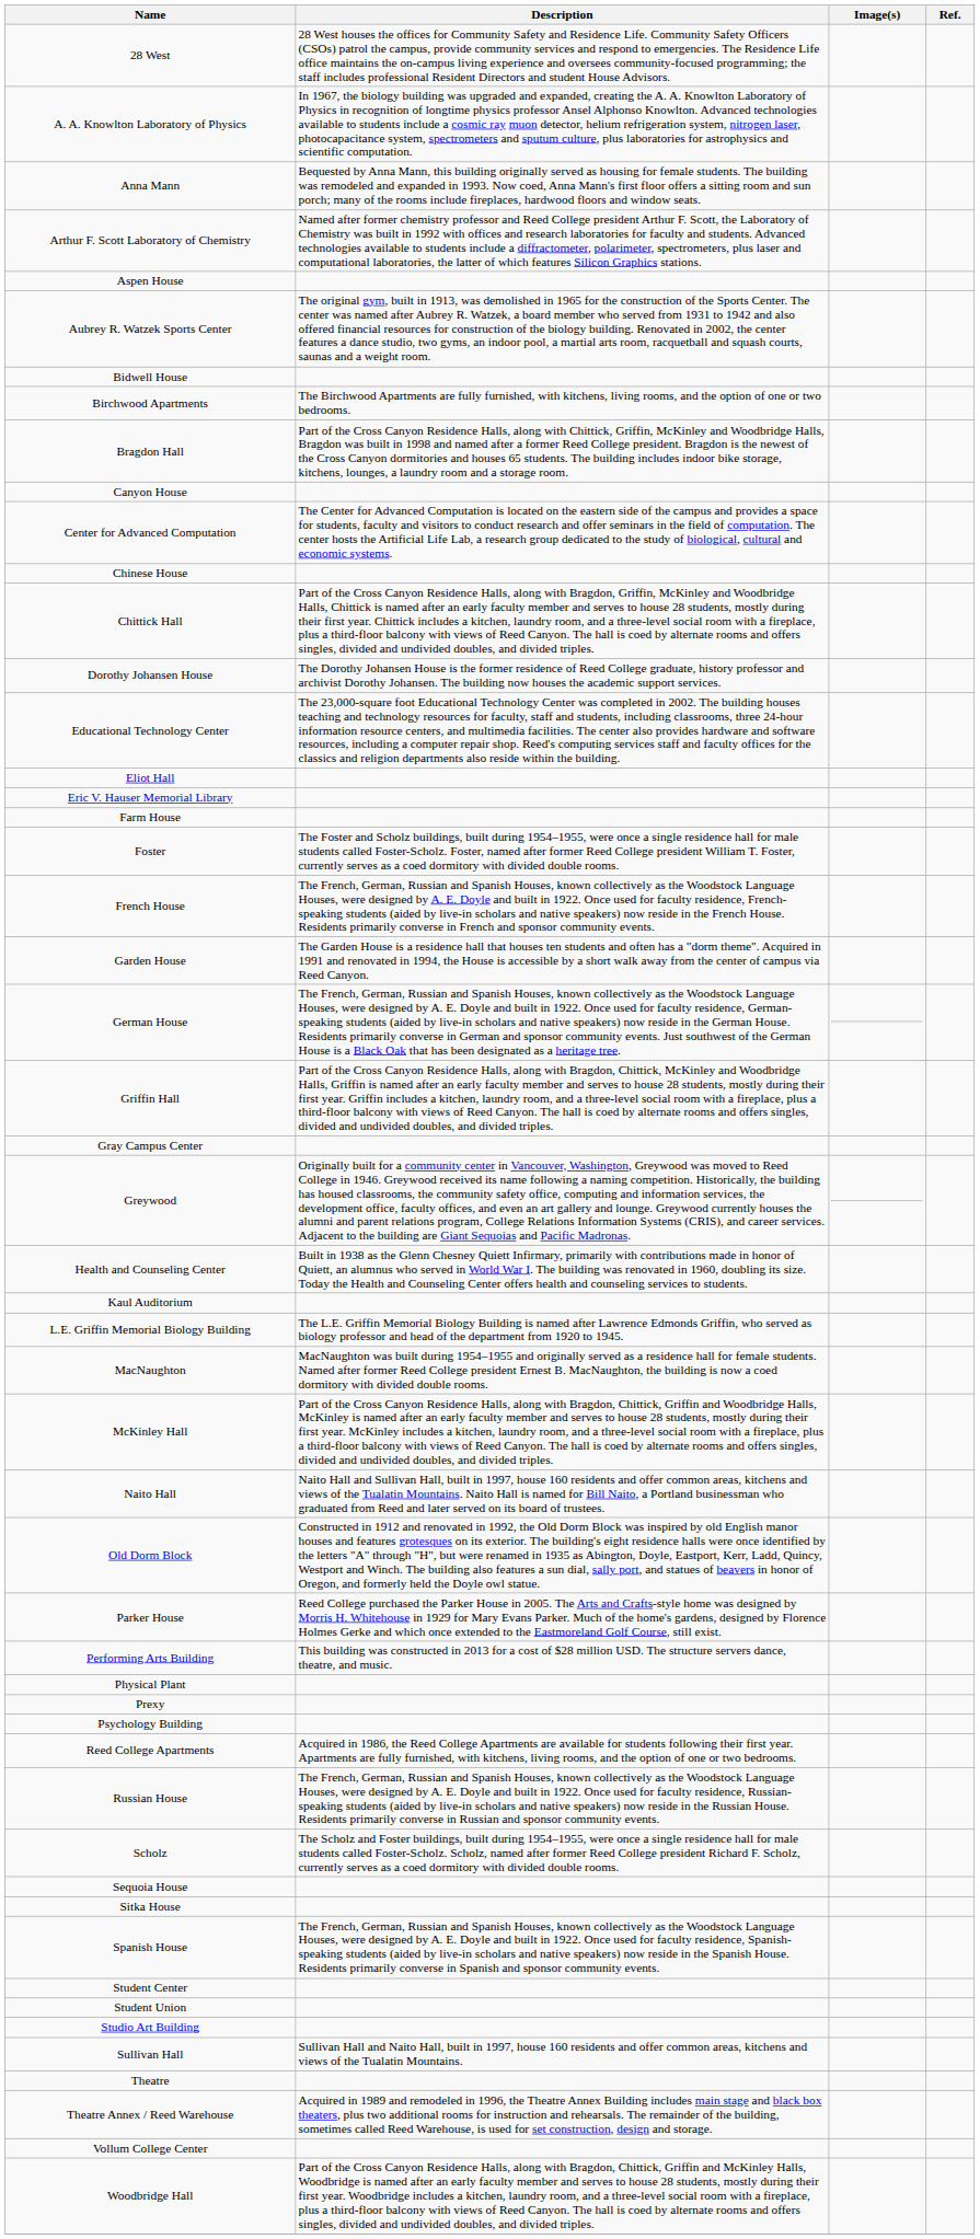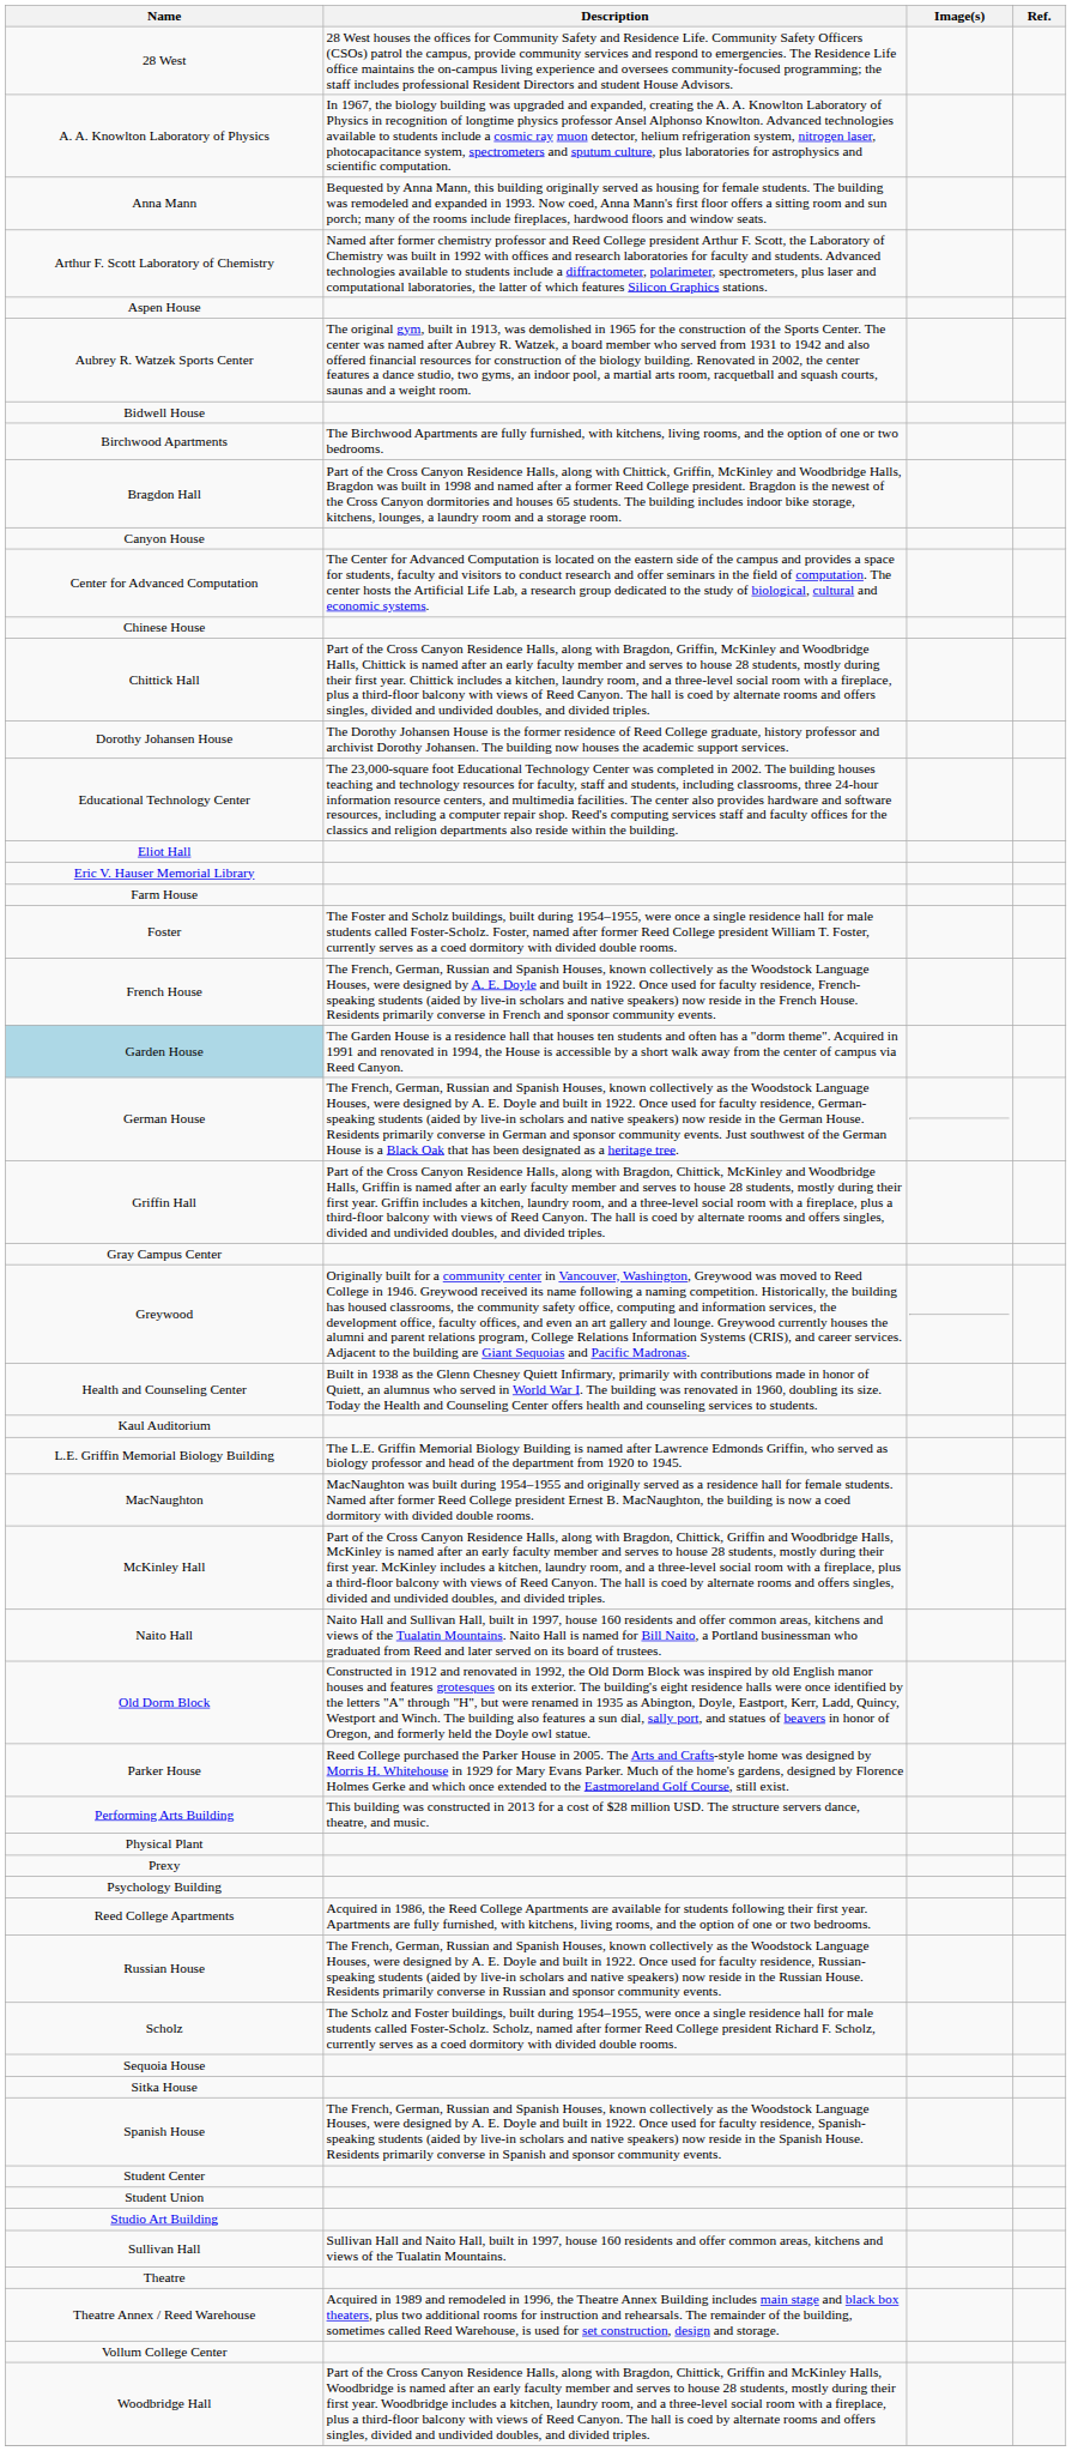 <table class="wikitable sortable">
 <tr>
 <th width=30%>Name</th>
 <th width=55% class=unsortable>Description</th>
 <th width=10% class=unsortable>Image(s)</th>
 <th width=5%  class=unsortable>Ref.</th>
 </tr>
 <tr>
 <td align="center">28 West</td>
 <td>28 West houses the offices for Community Safety and Residence Life. Community Safety Officers (CSOs) patrol the campus, provide community services and respond to emergencies. The Residence Life office maintains the on-campus living experience and oversees community-focused programming; the staff includes professional Resident Directors and student House Advisors.</td>
 <td></td>
 <td align="center"></td>
 </tr>
 <tr>
 <td align="center">A. A. Knowlton Laboratory of Physics</td>
 <td>In 1967, the biology building was upgraded and expanded, creating the A. A. Knowlton Laboratory of Physics in recognition of longtime physics professor Ansel Alphonso Knowlton. Advanced technologies available to students include a <a href='#'>cosmic ray</a> <a href='#'>muon</a> detector, helium refrigeration system, <a href='#'>nitrogen laser</a>, photocapacitance system, <a href='#'>spectrometers</a> and <a href='#'>sputum culture</a>, plus laboratories for astrophysics and scientific computation.</td>
 <td></td>
 <td align="center"></td>
 </tr>
 <tr>
 <td align="center">Anna Mann</td>
 <td>Bequested by Anna Mann, this building originally served as housing for female students. The building was remodeled and expanded in 1993. Now coed, Anna Mann's first floor offers a sitting room and sun porch; many of the rooms include fireplaces, hardwood floors and window seats.</td>
 <td></td>
 <td align="center"></td>
 </tr>
 <tr>
 <td align="center">Arthur F. Scott Laboratory of Chemistry</td>
 <td>Named after former chemistry professor and Reed College president Arthur F. Scott, the Laboratory of Chemistry was built in 1992 with offices and research laboratories for faculty and students. Advanced technologies available to students include a <a href='#'>diffractometer</a>, <a href='#'>polarimeter</a>, spectrometers, plus laser and computational laboratories, the latter of which features <a href='#'>Silicon Graphics</a> stations.</td>
 <td></td>
 <td align="center"></td>
 </tr>
 <tr>
 <td align="center">Aspen House</td>
 <td></td>
 <td></td>
 <td align="center"></td>
 </tr>
 <tr>
 <td align="center">Aubrey R. Watzek Sports Center</td>
 <td>The original <a href='#'>gym</a>, built in 1913, was demolished in 1965 for the construction of the Sports Center. The center was named after Aubrey R. Watzek, a board member who served from 1931 to 1942 and also offered financial resources for construction of the biology building. Renovated in 2002, the center features a dance studio, two gyms, an indoor pool, a martial arts room, racquetball and squash courts, saunas and a weight room.</td>
 <td></td>
 <td align="center"></td>
 </tr>
 <tr>
 <td align="center">Bidwell House</td>
 <td></td>
 <td></td>
 <td align="center"></td>
 </tr>
 <tr>
 <td align="center">Birchwood Apartments</td>
 <td>The Birchwood Apartments are fully furnished, with kitchens, living rooms, and the option of one or two bedrooms.</td>
 <td></td>
 <td align="center"></td>
 </tr>
 <tr>
 <td align="center">Bragdon Hall</td>
 <td>Part of the Cross Canyon Residence Halls, along with Chittick, Griffin, McKinley and Woodbridge Halls, Bragdon was built in 1998 and named after a former Reed College president. Bragdon is the newest of the Cross Canyon dormitories and houses 65 students. The building includes indoor bike storage, kitchens, lounges, a laundry room and a storage room.</td>
 <td></td>
 <td align="center"></td>
 </tr>
 <tr>
 <td align="center">Canyon House</td>
 <td></td>
 <td></td>
 <td align="center"></td>
 </tr>
 <tr>
 <td align="center">Center for Advanced Computation</td>
 <td>The Center for Advanced Computation is located on the eastern side of the campus and provides a space for students, faculty and visitors to conduct research and offer seminars in the field of <a href='#'>computation</a>. The center hosts the Artificial Life Lab, a research group dedicated to the study of <a href='#'>biological</a>, <a href='#'>cultural</a> and <a href='#'>economic systems</a>.</td>
 <td></td>
 <td align="center"></td>
 </tr>
 <tr>
 <td align="center">Chinese House</td>
 <td></td>
 <td></td>
 <td align="center"></td>
 </tr>
 <tr>
 <td align="center">Chittick Hall</td>
 <td>Part of the Cross Canyon Residence Halls, along with Bragdon, Griffin, McKinley and Woodbridge Halls, Chittick is named after an early faculty member and serves to house 28 students, mostly during their first year. Chittick includes a kitchen, laundry room, and a three-level social room with a fireplace, plus a third-floor balcony with views of Reed Canyon. The hall is coed by alternate rooms and offers singles, divided and undivided doubles, and divided triples.</td>
 <td></td>
 <td align="center"></td>
 </tr>
 <tr>
 <td align="center">Dorothy Johansen House</td>
 <td>The Dorothy Johansen House is the former residence of Reed College graduate, history professor and archivist Dorothy Johansen. The building now houses the academic support services.</td>
 <td></td>
 <td align="center"></td>
 </tr>
 <tr>
 <td align="center">Educational Technology Center</td>
 <td>The 23,000-square foot Educational Technology Center was completed in 2002. The building houses teaching and technology resources for faculty, staff and students, including classrooms, three 24-hour information resource centers, and multimedia facilities. The center also provides hardware and software resources, including a computer repair shop. Reed's computing services staff and faculty offices for the classics and religion departments also reside within the building.</td>
 <td></td>
 <td align="center"></td>
 </tr>
 <tr>
 <td align="center"><a href='#'>Eliot Hall</a></td>
 <td></td>
 <td></td>
 <td align="center"></td>
 </tr>
 <tr>
 <td align="center"><a href='#'>Eric V. Hauser Memorial Library</a></td>
 <td></td>
 <td></td>
 <td align="center"></td>
 </tr>
 <tr>
 <td align="center">Farm House</td>
 <td></td>
 <td></td>
 <td align="center"></td>
 </tr>
 <tr>
 <td align="center">Foster</td>
 <td>The Foster and Scholz buildings, built during 1954–1955, were once a single residence hall for male students called Foster-Scholz. Foster, named after former Reed College president William T. Foster, currently serves as a coed dormitory with divided double rooms.</td>
 <td></td>
 <td align="center"></td>
 </tr>
 <tr>
 <td align="center">French House</td>
 <td>The French, German, Russian and Spanish Houses, known collectively as the Woodstock Language Houses, were designed by <a href='#'>A. E. Doyle</a> and built in 1922. Once used for faculty residence, French-speaking students (aided by live-in scholars and native speakers) now reside in the French House. Residents primarily converse in French and sponsor community events.</td>
 <td></td>
 <td align="center"></td>
 </tr>
 <tr>
-<td align="center">Garden House</td>
+<td align="center" style="background: lightblue;">Garden House</td>
 <td>The Garden House is a residence hall that houses ten students and often has a "dorm theme". Acquired in 1991 and renovated in 1994, the House is accessible by a short walk away from the center of campus via Reed Canyon.</td>
 <td></td>
 <td align="center"></td>
 </tr>
 <tr>
 <td align="center">German House</td>
 <td>The French, German, Russian and Spanish Houses, known collectively as the Woodstock Language Houses, were designed by A. E. Doyle and built in 1922. Once used for faculty residence, German-speaking students (aided by live-in scholars and native speakers) now reside in the German House. Residents primarily converse in German and sponsor community events. Just southwest of the German House is a <a href='#'>Black Oak</a> that has been designated as a <a href='#'>heritage tree</a>.</td>
 <td><hr></td>
 <td align="center"></td>
 </tr>
 <tr>
 <td align="center">Griffin Hall</td>
 <td>Part of the Cross Canyon Residence Halls, along with Bragdon, Chittick, McKinley and Woodbridge Halls, Griffin is named after an early faculty member and serves to house 28 students, mostly during their first year. Griffin includes a kitchen, laundry room, and a three-level social room with a fireplace, plus a third-floor balcony with views of Reed Canyon. The hall is coed by alternate rooms and offers singles, divided and undivided doubles, and divided triples.</td>
 <td></td>
 <td align="center"></td>
 </tr>
 <tr>
 <td align="center">Gray Campus Center</td>
 <td></td>
 <td></td>
 <td align="center"></td>
 </tr>
 <tr>
 <td align="center">Greywood</td>
 <td>Originally built for a <a href='#'>community center</a> in <a href='#'>Vancouver, Washington</a>, Greywood was moved to Reed College in 1946. Greywood received its name following a naming competition. Historically, the building has housed classrooms, the community safety office, computing and information services, the development office, faculty offices, and even an art gallery and lounge. Greywood currently houses the alumni and parent relations program, College Relations Information Systems (CRIS), and career services. Adjacent to the building are <a href='#'>Giant Sequoias</a> and <a href='#'>Pacific Madronas</a>.</td>
 <td><hr></td>
 <td align="center"></td>
 </tr>
 <tr>
 <td align="center">Health and Counseling Center</td>
 <td>Built in 1938 as the Glenn Chesney Quiett Infirmary, primarily with contributions made in honor of Quiett, an alumnus who served in <a href='#'>World War I</a>. The building was renovated in 1960, doubling its size. Today the Health and Counseling Center offers health and counseling services to students.</td>
 <td></td>
 <td align="center"></td>
 </tr>
 <tr>
 <td align="center">Kaul Auditorium</td>
 <td></td>
 <td></td>
 <td align="center"></td>
 </tr>
 <tr>
 <td align="center">L.E. Griffin Memorial Biology Building</td>
 <td>The L.E. Griffin Memorial Biology Building is named after Lawrence Edmonds Griffin, who served as biology professor and head of the department from 1920 to 1945.</td>
 <td></td>
 <td align="center"></td>
 </tr>
 <tr>
 <td align="center">MacNaughton</td>
 <td>MacNaughton was built during 1954–1955 and originally served as a residence hall for female students. Named after former Reed College president Ernest B. MacNaughton, the building is now a coed dormitory with divided double rooms.</td>
 <td></td>
 <td align="center"></td>
 </tr>
 <tr>
 <td align="center">McKinley Hall</td>
 <td>Part of the Cross Canyon Residence Halls, along with Bragdon, Chittick, Griffin and Woodbridge Halls, McKinley is named after an early faculty member and serves to house 28 students, mostly during their first year. McKinley includes a kitchen, laundry room, and a three-level social room with a fireplace, plus a third-floor balcony with views of Reed Canyon. The hall is coed by alternate rooms and offers singles, divided and undivided doubles, and divided triples.</td>
 <td></td>
 <td align="center"></td>
 </tr>
 <tr>
 <td align="center">Naito Hall</td>
 <td>Naito Hall and Sullivan Hall, built in 1997, house 160 residents and offer common areas, kitchens and views of the <a href='#'>Tualatin Mountains</a>.  Naito Hall is named for <a href='#'>Bill Naito</a>, a Portland businessman who graduated from Reed and later served on its board of trustees.</td>
 <td></td>
 <td align="center"><br></td>
 </tr>
 <tr>
 <td align="center"><a href='#'>Old Dorm Block</a></td>
 <td>Constructed in 1912 and renovated in 1992, the Old Dorm Block was inspired by old English manor houses and features <a href='#'>grotesques</a> on its exterior. The building's eight residence halls were once identified by the letters "A" through "H", but were renamed in 1935 as Abington, Doyle, Eastport, Kerr, Ladd, Quincy, Westport and Winch. The building also features a sun dial, <a href='#'>sally port</a>, and statues of <a href='#'>beavers</a> in honor of Oregon, and formerly held the Doyle owl statue.</td>
 <td></td>
 <td align="center"></td>
 </tr>
 <tr>
 <td align="center">Parker House</td>
 <td>Reed College purchased the Parker House in 2005. The <a href='#'>Arts and Crafts</a>-style home was designed by <a href='#'>Morris H. Whitehouse</a> in 1929 for Mary Evans Parker. Much of the home's gardens, designed by Florence Holmes Gerke and which once extended to the <a href='#'>Eastmoreland Golf Course</a>, still exist.</td>
 <td></td>
 <td align="center"></td>
 </tr>
 <tr>
 <td align="center"><a href='#'>Performing Arts Building</a></td>
 <td>This building was constructed in 2013 for a cost of $28 million USD. The structure servers dance, theatre, and music.</td>
 <td></td>
 <td align="center"></td>
 </tr>
 <tr>
 <td align="center">Physical Plant</td>
 <td></td>
 <td></td>
 <td align="center"></td>
 </tr>
 <tr>
 <td align="center">Prexy</td>
 <td></td>
 <td></td>
 <td align="center"></td>
 </tr>
 <tr>
 <td align="center">Psychology Building</td>
 <td></td>
 <td></td>
 <td align="center"></td>
 </tr>
 <tr>
 <td align="center">Reed College Apartments</td>
 <td>Acquired in 1986, the Reed College Apartments are available for students following their first year. Apartments are fully furnished, with kitchens, living rooms, and the option of one or two bedrooms.</td>
 <td></td>
 <td align="center"></td>
 </tr>
 <tr>
 <td align="center">Russian House</td>
 <td>The French, German, Russian and Spanish Houses, known collectively as the Woodstock Language Houses, were designed by A. E. Doyle and built in 1922. Once used for faculty residence, Russian-speaking students (aided by live-in scholars and native speakers) now reside in the Russian House. Residents primarily converse in Russian and sponsor community events.</td>
 <td></td>
 <td align="center"></td>
 </tr>
 <tr>
 <td align="center">Scholz</td>
 <td>The Scholz and Foster buildings, built during 1954–1955, were once a single residence hall for male students called Foster-Scholz. Scholz, named after former Reed College president Richard F. Scholz, currently serves as a coed dormitory with divided double rooms.</td>
 <td></td>
 <td align="center"></td>
 </tr>
 <tr>
 <td align="center">Sequoia House</td>
 <td></td>
 <td></td>
 <td align="center"></td>
 </tr>
 <tr>
 <td align="center">Sitka House</td>
 <td></td>
 <td></td>
 <td align="center"></td>
 </tr>
 <tr>
 <td align="center">Spanish House</td>
 <td>The French, German, Russian and Spanish Houses, known collectively as the Woodstock Language Houses, were designed by A. E. Doyle and built in 1922. Once used for faculty residence, Spanish-speaking students (aided by live-in scholars and native speakers) now reside in the Spanish House. Residents primarily converse in Spanish and sponsor community events.</td>
 <td></td>
 <td align="center"></td>
 </tr>
 <tr>
 <td align="center">Student Center</td>
 <td></td>
 <td></td>
 <td align="center"></td>
 </tr>
 <tr>
 <td align="center">Student Union</td>
 <td></td>
 <td></td>
 <td align="center"></td>
 </tr>
 <tr>
 <td align="center"><a href='#'>Studio Art Building</a></td>
 <td></td>
 <td></td>
 <td align="center"></td>
 </tr>
 <tr>
 <td align="center">Sullivan Hall</td>
 <td>Sullivan Hall and Naito Hall, built in 1997, house 160 residents and offer common areas, kitchens and views of the Tualatin Mountains.</td>
 <td></td>
 <td align="center"></td>
 </tr>
 <tr>
 <td align="center">Theatre</td>
 <td></td>
 <td></td>
 <td align="center"></td>
 </tr>
 <tr>
 <td align="center">Theatre Annex / Reed Warehouse</td>
 <td>Acquired in 1989 and remodeled in 1996, the Theatre Annex Building includes <a href='#'>main stage</a> and <a href='#'>black box theaters</a>, plus two additional rooms for instruction and rehearsals. The remainder of the building, sometimes called Reed Warehouse, is used for <a href='#'>set construction</a>, <a href='#'>design</a> and storage.</td>
 <td></td>
 <td align="center"></td>
 </tr>
 <tr>
 <td align="center">Vollum College Center</td>
 <td></td>
 <td></td>
 <td align="center"></td>
 </tr>
 <tr>
 <td align="center">Woodbridge Hall</td>
 <td>Part of the Cross Canyon Residence Halls, along with Bragdon, Chittick, Griffin and McKinley Halls, Woodbridge is named after an early faculty member and serves to house 28 students, mostly during their first year. Woodbridge includes a kitchen, laundry room, and a three-level social room with a fireplace, plus a third-floor balcony with views of Reed Canyon. The hall is coed by alternate rooms and offers singles, divided and undivided doubles, and divided triples.</td>
 <td></td>
 <td align="center"></td>
 </tr>
 <tr>
 </tr>
 </table>
